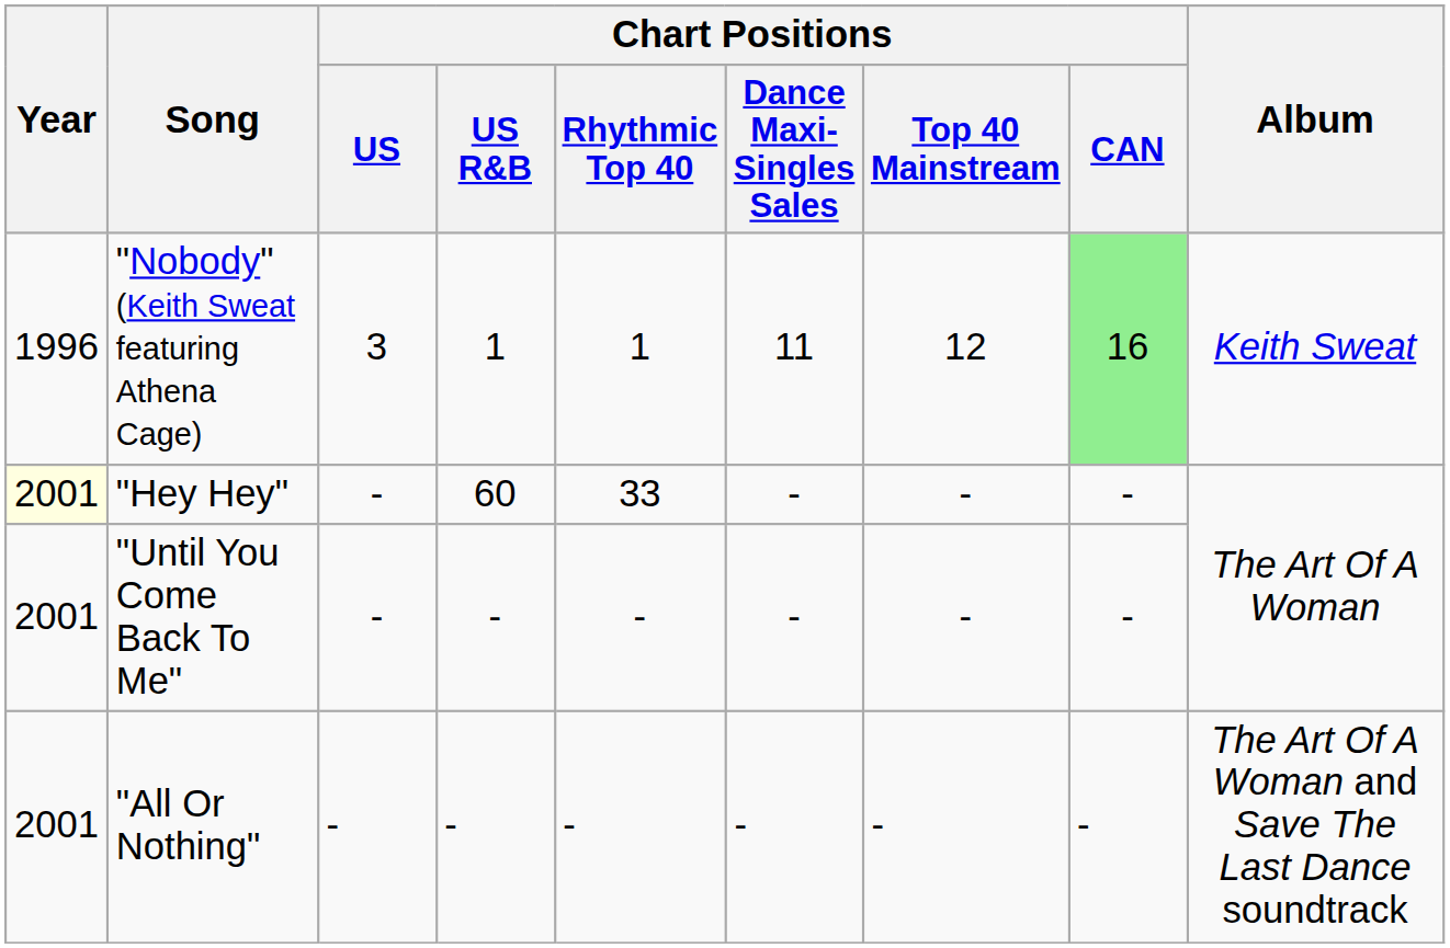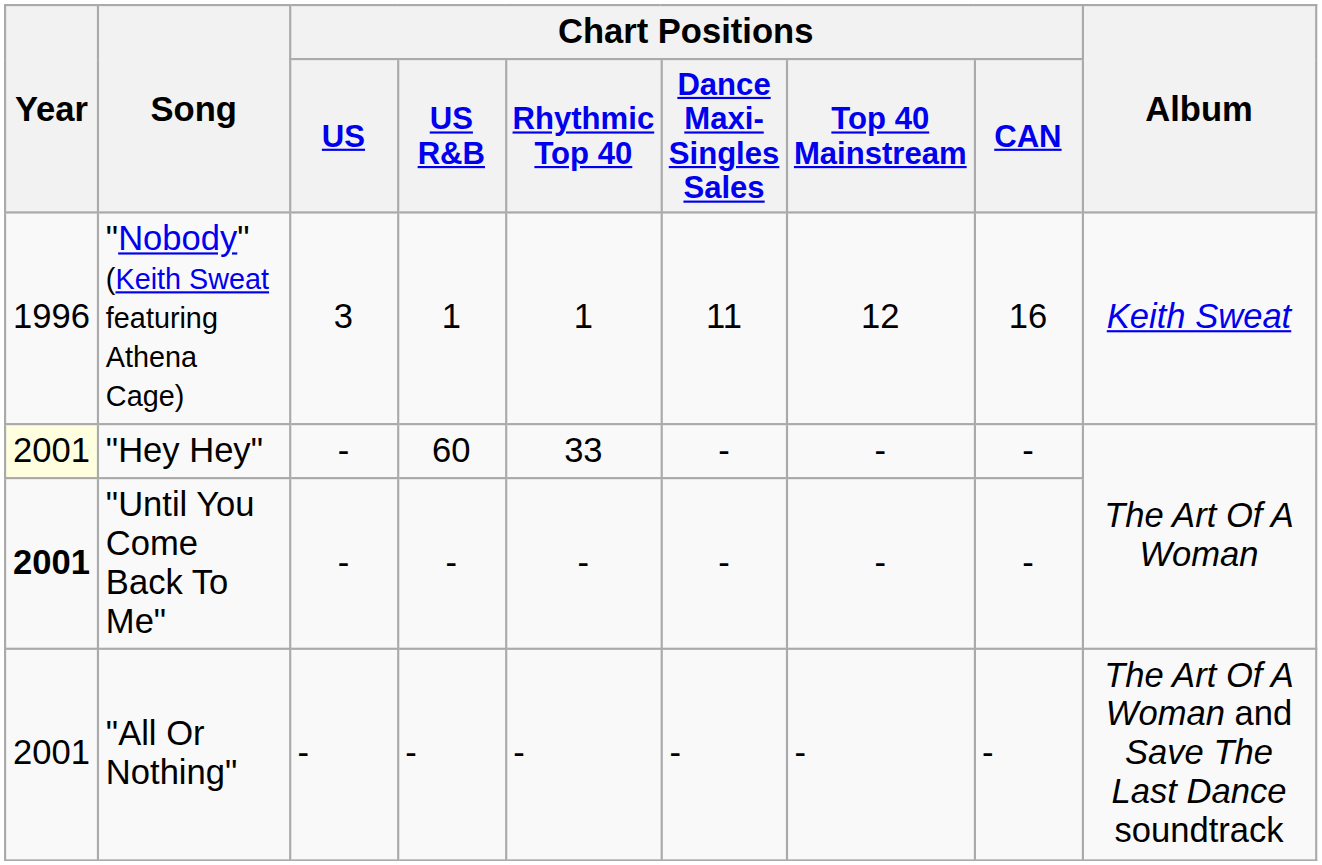 <table class="wikitable">
 <tr>
 <th rowspan="2">Year</th>
 <th rowspan="2">Song</th>
 <th colspan="6" style="text-align:center;">Chart Positions</th>
 <th rowspan="2">Album</th>
 </tr>
 <tr>
 <th style="text-align:center; width:3em; font-size:90%;"><a href='#'>US</a></th>
 <th style="text-align:center; width:3em; font-size:90%;"><a href='#'>US<br>R&B</a></th>
 <th style="text-align:center; width:3em; font-size:90%;"><a href='#'>Rhythmic<br>Top 40</a></th>
 <th style="text-align:center; width:3em; font-size:90%;"><a href='#'>Dance Maxi-<br>Singles Sales</a></th>
 <th style="text-align:center; width:3em; font-size:90%;"><a href='#'>Top 40<br>Mainstream</a></th>
 <th style="text-align:center; width:3em; font-size:90%;"><a href='#'>CAN</a></th>
 </tr>
 <tr>
 <td>1996</td>
 <td>"<a href='#'>Nobody</a>" <small>(<a href='#'>Keith Sweat</a> featuring Athena Cage)</small></td>
 <td style="text-align:center;">3</td>
 <td style="text-align:center;">1</td>
 <td style="text-align:center;">1</td>
 <td style="text-align:center;">11</td>
 <td style="text-align:center;">12</td>
-<td style="background: lightgreen; text-align:center;">16</td>
+<td style="text-align:center;">16</td>
 <td style="text-align:center;"><em><a href='#'>Keith Sweat</a></em></td>
 </tr>
 <tr>
 <td style="background: lightyellow;">2001</td>
 <td>"Hey Hey"</td>
 <td style="text-align:center;">-</td>
 <td style="text-align:center;">60</td>
 <td style="text-align:center;">33</td>
 <td style="text-align:center;">-</td>
 <td style="text-align:center;">-</td>
 <td style="text-align:center;">-</td>
 <td rowspan="2" style="text-align:center;"><em>The Art Of A Woman</em></td>
 </tr>
 <tr>
-<td>2001</td>
+<td><strong>2001</strong></td>
 <td>"Until You Come Back To Me"</td>
 <td style="text-align:center;">-</td>
 <td style="text-align:center;">-</td>
 <td style="text-align:center;">-</td>
 <td style="text-align:center;">-</td>
 <td style="text-align:center;">-</td>
 <td style="text-align:center;">-</td>
 </tr>
 <tr>
 <td>2001</td>
 <td>"All Or Nothing"</td>
 <td>-</td>
 <td>-</td>
 <td>-</td>
 <td>-</td>
 <td>-</td>
 <td>-</td>
 <td style="text-align:center;"><em>The Art Of A Woman</em> and <em>Save The Last Dance</em> soundtrack</td>
 </tr>
 </table>
